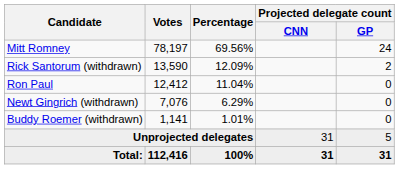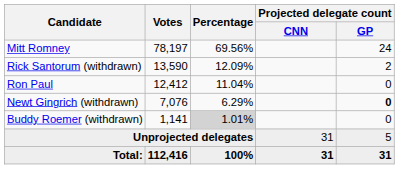 <table class="wikitable" style="text-align:right;">
 <tr>
 <th rowspan="2">Candidate</th>
 <th rowspan="2">Votes</th>
 <th rowspan="2">Percentage</th>
 <th colspan="2">Projected delegate count</th>
 </tr>
 <tr>
 <th><a href='#'>CNN</a></th>
 <th><a href='#'>GP</a></th>
 </tr>
 <tr>
 <td align="left"> <a href='#'>Mitt Romney</a></td>
 <td>78,197</td>
 <td>69.56%</td>
 <td></td>
 <td>24</td>
 </tr>
 <tr>
 <td align="left"><a href='#'>Rick Santorum</a> (withdrawn)</td>
 <td>13,590</td>
 <td>12.09%</td>
 <td></td>
 <td>2</td>
 </tr>
 <tr>
 <td align="left"><a href='#'>Ron Paul</a></td>
 <td>12,412</td>
 <td>11.04%</td>
 <td></td>
 <td>0</td>
 </tr>
 <tr>
 <td align="left"><a href='#'>Newt Gingrich</a> (withdrawn)</td>
 <td>7,076</td>
 <td>6.29%</td>
 <td></td>
-<td>0</td>
+<td><strong>0</strong></td>
 </tr>
 <tr>
 <td align="left"><a href='#'>Buddy Roemer</a> (withdrawn)</td>
 <td>1,141</td>
-<td>1.01%</td>
+<td style="background: lightgrey;">1.01%</td>
 <td></td>
 <td>0</td>
 </tr>
 <tr bgcolor="#eeeeee">
 <td colspan="3"><strong>Unprojected delegates</strong></td>
 <td>31</td>
 <td>5</td>
 </tr>
 <tr bgcolor="#eeeeee">
 <td><strong>Total:</strong></td>
 <td><strong>112,416</strong></td>
 <td><strong>100%</strong></td>
 <td><strong>31</strong></td>
 <td><strong>31</strong></td>
 </tr>
 </table>
